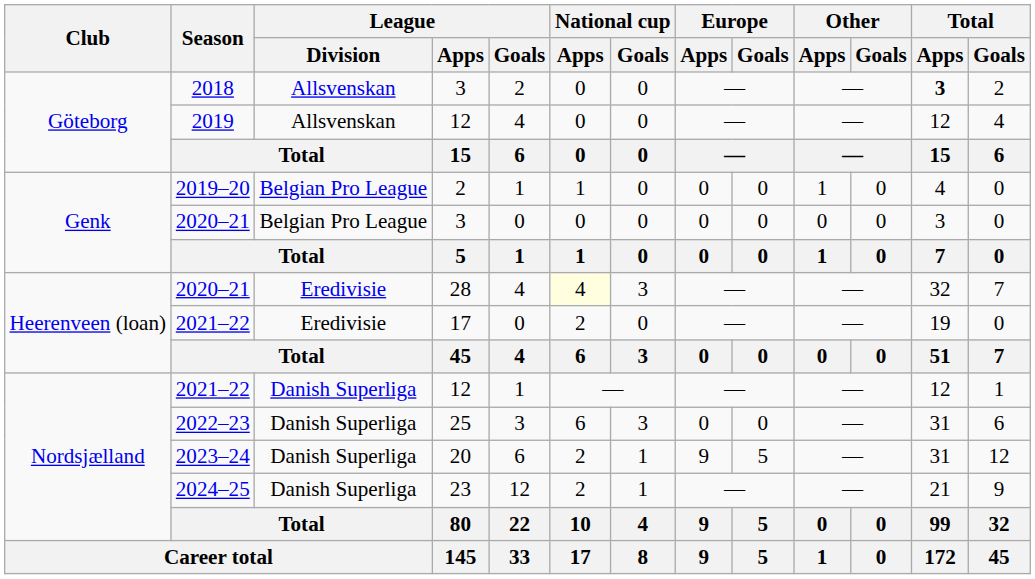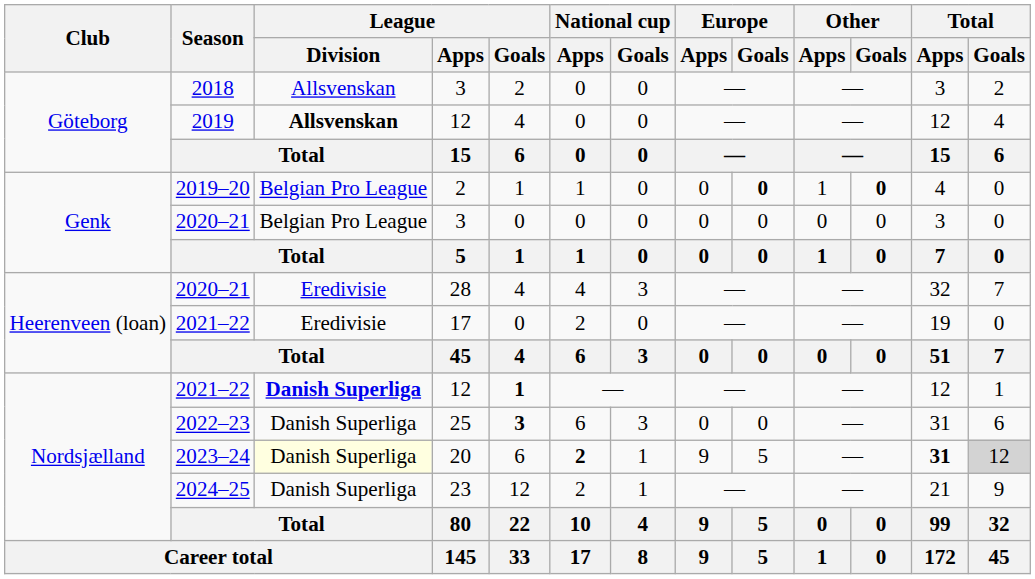 <table class="wikitable" style="text-align:center">
 <tr>
 <th rowspan="2">Club</th>
 <th rowspan="2">Season</th>
 <th colspan="3">League</th>
 <th colspan="2">National cup</th>
 <th colspan="2">Europe</th>
 <th colspan="2">Other</th>
 <th colspan="2">Total</th>
 </tr>
 <tr>
 <th>Division</th>
 <th>Apps</th>
 <th>Goals</th>
 <th>Apps</th>
 <th>Goals</th>
 <th>Apps</th>
 <th>Goals</th>
 <th>Apps</th>
 <th>Goals</th>
 <th>Apps</th>
 <th>Goals</th>
 </tr>
 <tr>
 <td rowspan="3"><a href='#'>Göteborg</a></td>
 <td><a href='#'>2018</a></td>
 <td><a href='#'>Allsvenskan</a></td>
 <td>3</td>
 <td>2</td>
 <td>0</td>
 <td>0</td>
 <td colspan="2">—</td>
 <td colspan="2">—</td>
-<td><strong>3</strong></td>
+<td>3</td>
 <td>2</td>
 </tr>
 <tr>
 <td><a href='#'>2019</a></td>
-<td>Allsvenskan</td>
+<td><strong>Allsvenskan</strong></td>
 <td>12</td>
 <td>4</td>
 <td>0</td>
 <td>0</td>
 <td colspan="2">—</td>
 <td colspan="2">—</td>
 <td>12</td>
 <td>4</td>
 </tr>
 <tr>
 <th colspan="2">Total</th>
 <th>15</th>
 <th>6</th>
 <th>0</th>
 <th>0</th>
 <th colspan="2">—</th>
 <th colspan="2">—</th>
 <th>15</th>
 <th>6</th>
 </tr>
 <tr>
 <td rowspan="3"><a href='#'>Genk</a></td>
 <td><a href='#'>2019–20</a></td>
 <td><a href='#'>Belgian Pro League</a></td>
 <td>2</td>
 <td>1</td>
 <td>1</td>
 <td>0</td>
 <td>0</td>
-<td>0</td>
+<td><strong>0</strong></td>
 <td>1</td>
-<td>0</td>
+<td><strong>0</strong></td>
 <td>4</td>
 <td>0</td>
 </tr>
 <tr>
 <td><a href='#'>2020–21</a></td>
 <td>Belgian Pro League</td>
 <td>3</td>
 <td>0</td>
 <td>0</td>
 <td>0</td>
 <td>0</td>
 <td>0</td>
 <td>0</td>
 <td>0</td>
 <td>3</td>
 <td>0</td>
 </tr>
 <tr>
 <th colspan="2">Total</th>
 <th>5</th>
 <th>1</th>
 <th>1</th>
 <th>0</th>
 <th>0</th>
 <th>0</th>
 <th>1</th>
 <th>0</th>
 <th>7</th>
 <th>0</th>
 </tr>
 <tr>
 <td rowspan="3"><a href='#'>Heerenveen</a> (loan)</td>
 <td><a href='#'>2020–21</a></td>
 <td><a href='#'>Eredivisie</a></td>
 <td>28</td>
 <td>4</td>
-<td style="background: lightyellow;">4</td>
+<td>4</td>
 <td>3</td>
 <td colspan="2">—</td>
 <td colspan="2">—</td>
 <td>32</td>
 <td>7</td>
 </tr>
 <tr>
 <td><a href='#'>2021–22</a></td>
 <td>Eredivisie</td>
 <td>17</td>
 <td>0</td>
 <td>2</td>
 <td>0</td>
 <td colspan="2">—</td>
 <td colspan="2">—</td>
 <td>19</td>
 <td>0</td>
 </tr>
 <tr>
 <th colspan="2">Total</th>
 <th>45</th>
 <th>4</th>
 <th>6</th>
 <th>3</th>
 <th>0</th>
 <th>0</th>
 <th>0</th>
 <th>0</th>
 <th>51</th>
 <th>7</th>
 </tr>
 <tr>
 <td rowspan="5"><a href='#'>Nordsjælland</a></td>
 <td><a href='#'>2021–22</a></td>
-<td><a href='#'>Danish Superliga</a></td>
+<td><strong><a href='#'>Danish Superliga</a></strong></td>
 <td>12</td>
-<td>1</td>
+<td><strong>1</strong></td>
 <td colspan="2">—</td>
 <td colspan="2">—</td>
 <td colspan="2">—</td>
 <td>12</td>
 <td>1</td>
 </tr>
 <tr>
 <td><a href='#'>2022–23</a></td>
 <td>Danish Superliga</td>
 <td>25</td>
-<td>3</td>
+<td><strong>3</strong></td>
 <td>6</td>
 <td>3</td>
 <td>0</td>
 <td>0</td>
 <td colspan="2">—</td>
 <td>31</td>
 <td>6</td>
 </tr>
 <tr>
 <td><a href='#'>2023–24</a></td>
-<td>Danish Superliga</td>
+<td style="background: lightyellow;">Danish Superliga</td>
 <td>20</td>
 <td>6</td>
-<td>2</td>
+<td><strong>2</strong></td>
 <td>1</td>
 <td>9</td>
 <td>5</td>
 <td colspan="2">—</td>
-<td>31</td>
-<td>12</td>
+<td><strong>31</strong></td>
+<td style="background: lightgrey;">12</td>
 </tr>
 <tr>
 <td><a href='#'>2024–25</a></td>
 <td>Danish Superliga</td>
 <td>23</td>
 <td>12</td>
 <td>2</td>
 <td>1</td>
 <td colspan="2">—</td>
 <td colspan="2">—</td>
 <td>21</td>
 <td>9</td>
 </tr>
 <tr>
 <th colspan="2">Total</th>
 <th>80</th>
 <th>22</th>
 <th>10</th>
 <th>4</th>
 <th>9</th>
 <th>5</th>
 <th>0</th>
 <th>0</th>
 <th>99</th>
 <th>32</th>
 </tr>
 <tr>
 <th colspan="3">Career total</th>
 <th>145</th>
 <th>33</th>
 <th>17</th>
 <th>8</th>
 <th>9</th>
 <th>5</th>
 <th>1</th>
 <th>0</th>
 <th>172</th>
 <th>45</th>
 </tr>
 </table>
